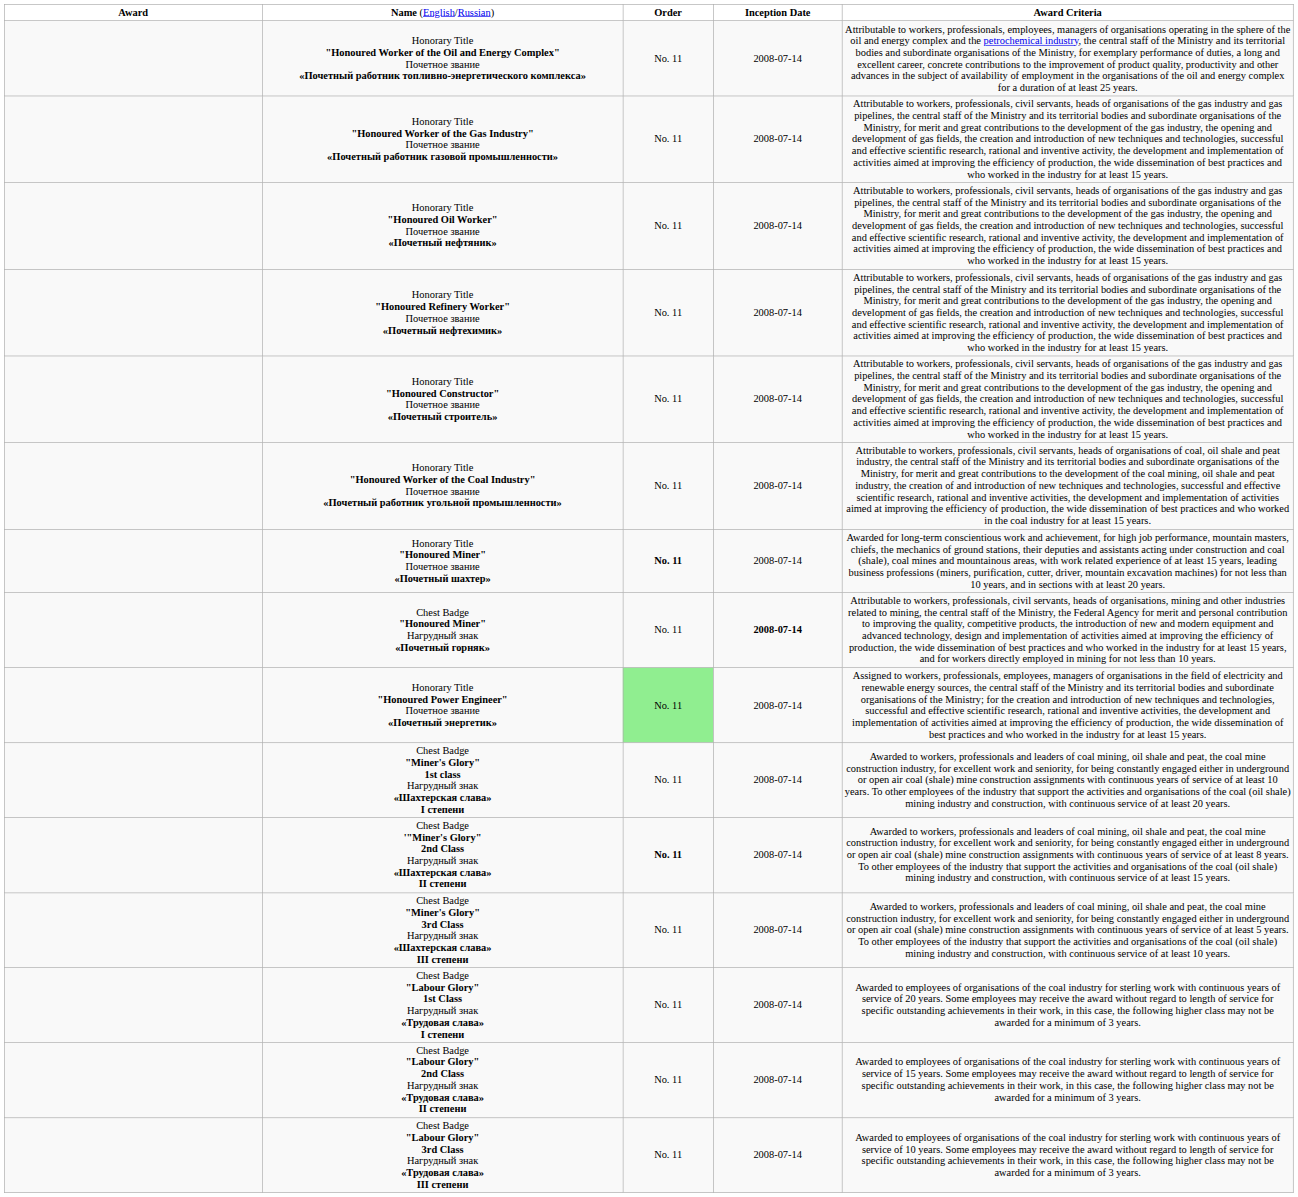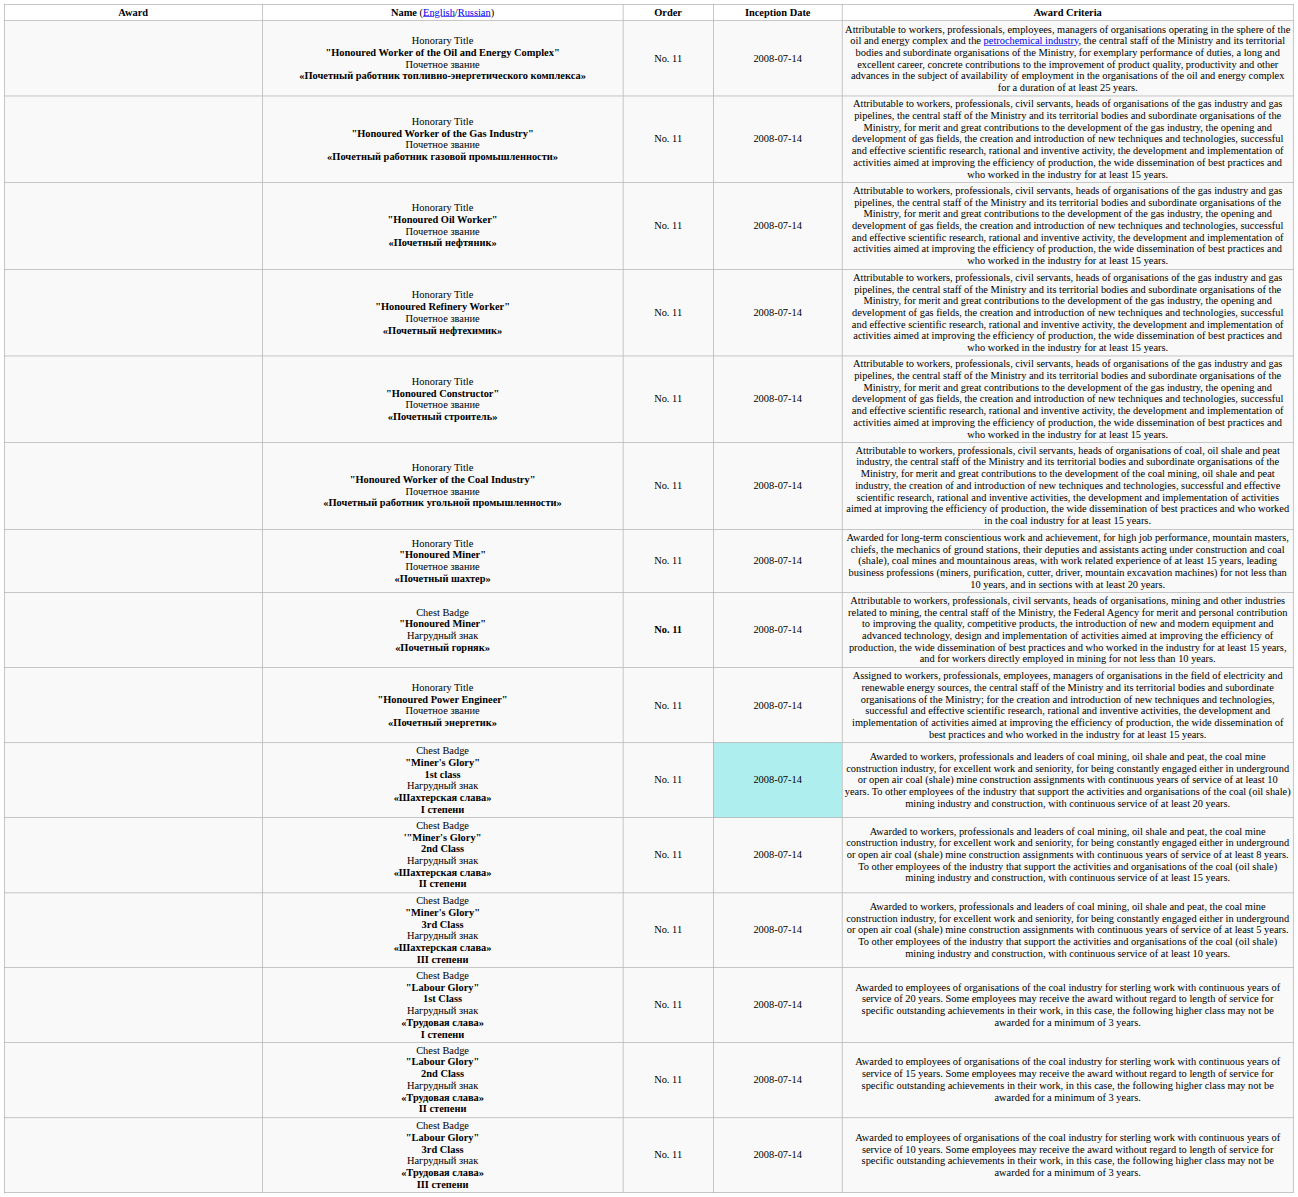 <table class="wikitable sortable" width="100%">
 <tr>
 <td width="20%" bgcolor="#FFFFFF" style="text-align:center;"><strong>Award</strong></td>
 <td width="28%" bgcolor="#FFFFFF" style="text-align:center;"><strong>Name</strong> (<a href='#'>English</a>/<a href='#'>Russian</a>)</td>
 <td width="07%" bgcolor="#FFFFFF" style="text-align:center;"><strong>Order</strong></td>
 <td width="10%" bgcolor="#FFFFFF" style="text-align:center;"><strong>Inception Date</strong></td>
 <td width="35%" bgcolor="#FFFFFF" style="text-align:center;"><strong>Award Criteria</strong></td>
 </tr>
 <tr>
 <td></td>
 <td style="text-align:center;">Honorary Title<br><strong>"Honoured Worker of the Oil and Energy Complex"</strong><br>Почетное звание<br><strong>«Почетный работник топливно-энергетического комплекса»</strong></td>
 <td style="text-align:center;">No. 11</td>
 <td style="text-align:center;">2008-07-14</td>
 <td style="text-align:center;">Attributable to workers, professionals, employees, managers of organisations operating in the sphere of the oil and energy complex and the <a href='#'>petrochemical industry</a>, the central staff of the Ministry and its territorial bodies and subordinate organisations of the Ministry, for exemplary performance of duties, a long and excellent career, concrete contributions to the improvement of product quality, productivity and other advances in the subject of availability of employment in the organisations of the oil and energy complex for a duration of at least 25 years.</td>
 </tr>
 <tr>
 <td></td>
 <td style="text-align:center;">Honorary Title<br><strong>"Honoured Worker of the Gas Industry"</strong><br>Почетное звание<br><strong>«Почетный работник газовой промышленности»</strong></td>
 <td style="text-align:center;">No. 11</td>
 <td style="text-align:center;">2008-07-14</td>
 <td style="text-align:center;">Attributable to workers, professionals, civil servants, heads of organisations of the gas industry and gas pipelines, the central staff of the Ministry and its territorial bodies and subordinate organisations of the Ministry, for merit and great contributions to the development of the gas industry, the opening and development of gas fields, the creation and introduction of new techniques and technologies, successful and effective scientific research, rational and inventive activity, the development and implementation of activities aimed at improving the efficiency of production, the wide dissemination of best practices and who worked in the industry for at least 15 years.</td>
 </tr>
 <tr>
 <td></td>
 <td style="text-align:center;">Honorary Title<br><strong>"Honoured Oil Worker"</strong><br>Почетное звание<br><strong>«Почетный нефтяник»</strong></td>
 <td style="text-align:center;">No. 11</td>
 <td style="text-align:center;">2008-07-14</td>
 <td style="text-align:center;">Attributable to workers, professionals, civil servants, heads of organisations of the gas industry and gas pipelines, the central staff of the Ministry and its territorial bodies and subordinate organisations of the Ministry, for merit and great contributions to the development of the gas industry, the opening and development of gas fields, the creation and introduction of new techniques and technologies, successful and effective scientific research, rational and inventive activity, the development and implementation of activities aimed at improving the efficiency of production, the wide dissemination of best practices and who worked in the industry for at least 15 years.</td>
 </tr>
 <tr>
 <td></td>
 <td style="text-align:center;">Honorary Title<br><strong>"Honoured Refinery Worker"</strong><br>Почетное звание<br><strong>«Почетный нефтехимик»</strong></td>
 <td style="text-align:center;">No. 11</td>
 <td style="text-align:center;">2008-07-14</td>
 <td style="text-align:center;">Attributable to workers, professionals, civil servants, heads of organisations of the gas industry and gas pipelines, the central staff of the Ministry and its territorial bodies and subordinate organisations of the Ministry, for merit and great contributions to the development of the gas industry, the opening and development of gas fields, the creation and introduction of new techniques and technologies, successful and effective scientific research, rational and inventive activity, the development and implementation of activities aimed at improving the efficiency of production, the wide dissemination of best practices and who worked in the industry for at least 15 years.</td>
 </tr>
 <tr>
 <td></td>
 <td style="text-align:center;">Honorary Title<br><strong>"Honoured Constructor"</strong><br>Почетное звание<br><strong>«Почетный строитель»</strong></td>
 <td style="text-align:center;">No. 11</td>
 <td style="text-align:center;">2008-07-14</td>
 <td style="text-align:center;">Attributable to workers, professionals, civil servants, heads of organisations of the gas industry and gas pipelines, the central staff of the Ministry and its territorial bodies and subordinate organisations of the Ministry, for merit and great contributions to the development of the gas industry, the opening and development of gas fields, the creation and introduction of new techniques and technologies, successful and effective scientific research, rational and inventive activity, the development and implementation of activities aimed at improving the efficiency of production, the wide dissemination of best practices and who worked in the industry for at least 15 years.</td>
 </tr>
 <tr>
 <td></td>
 <td style="text-align:center;">Honorary Title<br><strong>"Honoured Worker of the Coal Industry"</strong><br>Почетное звание<br><strong>«Почетный работник угольной промышленности»</strong></td>
 <td style="text-align:center;">No. 11</td>
 <td style="text-align:center;">2008-07-14</td>
 <td style="text-align:center;">Attributable to workers, professionals, civil servants, heads of organisations of coal, oil shale and peat industry, the central staff of the Ministry and its territorial bodies and subordinate organisations of the Ministry, for merit and great contributions to the development of the coal mining, oil shale and peat industry, the creation of and introduction of new techniques and technologies, successful and effective scientific research, rational and inventive activities, the development and implementation of activities aimed at improving the efficiency of production, the wide dissemination of best practices and who worked in the coal industry for at least 15 years.</td>
 </tr>
 <tr>
 <td></td>
 <td style="text-align:center;">Honorary Title<br><strong>"Honoured Miner"</strong><br>Почетное звание<br><strong>«Почетный шахтер»</strong></td>
-<td style="text-align:center;"><strong>No. 11</strong></td>
+<td style="text-align:center;">No. 11</td>
 <td style="text-align:center;">2008-07-14</td>
 <td style="text-align:center;">Awarded for long-term conscientious work and achievement, for high job performance, mountain masters, chiefs, the mechanics of ground stations, their deputies and assistants acting under construction and coal (shale), coal mines and mountainous areas, with work related experience of at least 15 years, leading business professions (miners, purification, cutter, driver, mountain excavation machines) for not less than 10 years, and in sections with at least 20 years.</td>
 </tr>
 <tr>
 <td></td>
 <td style="text-align:center;">Chest Badge<br><strong>"Honoured Miner"</strong><br>Нагрудный знак<br><strong>«Почетный горняк»</strong></td>
-<td style="text-align:center;">No. 11</td>
-<td style="text-align:center;"><strong>2008-07-14</strong></td>
+<td style="text-align:center;"><strong>No. 11</strong></td>
+<td style="text-align:center;">2008-07-14</td>
 <td style="text-align:center;">Attributable to workers, professionals, civil servants, heads of organisations, mining and other industries related to mining, the central staff of the Ministry, the Federal Agency for merit and personal contribution to improving the quality, competitive products, the introduction of new and modern equipment and advanced technology, design and implementation of activities aimed at improving the efficiency of production, the wide dissemination of best practices and who worked in the industry for at least 15 years, and for workers directly employed in mining for not less than 10 years.</td>
 </tr>
 <tr>
 <td></td>
 <td style="text-align:center;">Honorary Title<br><strong>"Honoured Power Engineer"</strong><br>Почетное звание<br><strong>«Почетный энергетик»</strong></td>
-<td style="background: lightgreen; text-align:center;">No. 11</td>
+<td style="text-align:center;">No. 11</td>
 <td style="text-align:center;">2008-07-14</td>
 <td style="text-align:center;">Assigned to workers, professionals, employees, managers of organisations in the field of electricity and renewable energy sources, the central staff of the Ministry and its territorial bodies and subordinate organisations of the Ministry; for the creation and introduction of new techniques and technologies, successful and effective scientific research, rational and inventive activities, the development and implementation of activities aimed at improving the efficiency of production, the wide dissemination of best practices and who worked in the industry for at least 15 years.</td>
 </tr>
 <tr>
 <td></td>
 <td style="text-align:center;">Chest Badge<br><strong>"Miner's Glory"<br>1st class</strong><br>Нагрудный знак<br><strong>«Шахтерская слава»<br>I степени</strong></td>
 <td style="text-align:center;">No. 11</td>
-<td style="text-align:center;">2008-07-14</td>
+<td style="background: paleturquoise; text-align:center;">2008-07-14</td>
 <td style="text-align:center;">Awarded to workers, professionals and leaders of coal mining, oil shale and peat, the coal mine construction industry, for excellent work and seniority, for being constantly engaged either in underground or open air coal (shale) mine construction assignments with continuous years of service of at least 10 years.  To other employees of the industry that support the activities and organisations of the coal (oil shale) mining industry and construction, with continuous service of at least 20 years.</td>
 </tr>
 <tr>
 <td></td>
 <td style="text-align:center;">Chest Badge<br><strong>'"Miner's Glory"<br>2nd Class</strong><br>Нагрудный знак<br><strong>«Шахтерская слава»<br>II степени</strong></td>
-<td style="text-align:center;"><strong>No. 11</strong></td>
+<td style="text-align:center;">No. 11</td>
 <td style="text-align:center;">2008-07-14</td>
 <td style="text-align:center;">Awarded to workers, professionals and leaders of coal mining, oil shale and peat, the coal mine construction industry, for excellent work and seniority, for being constantly engaged either in underground or open air coal (shale) mine construction assignments with continuous years of service of at least 8 years.  To other employees of the industry that support the activities and organisations of the coal (oil shale) mining industry and construction, with continuous service of at least 15 years.</td>
 </tr>
 <tr>
 <td></td>
 <td style="text-align:center;">Chest Badge<br><strong>"Miner's Glory"<br>3rd Class</strong><br>Нагрудный знак<br><strong>«Шахтерская слава»<br>III степени</strong></td>
 <td style="text-align:center;">No. 11</td>
 <td style="text-align:center;">2008-07-14</td>
 <td style="text-align:center;">Awarded to workers, professionals and leaders of coal mining, oil shale and peat, the coal mine construction industry, for excellent work and seniority, for being constantly engaged either in underground or open air coal (shale) mine construction assignments with continuous years of service of at least 5 years.  To other employees of the industry that support the activities and organisations of the coal (oil shale) mining industry and construction, with continuous service of at least 10 years.</td>
 </tr>
 <tr>
 <td></td>
 <td style="text-align:center;">Chest Badge<br><strong>"Labour Glory"<br>1st Class</strong><br>Нагрудный знак<br><strong>«Трудовая слава»<br>I степени</strong></td>
 <td style="text-align:center;">No. 11</td>
 <td style="text-align:center;">2008-07-14</td>
 <td style="text-align:center;">Awarded to employees of organisations of the coal industry for sterling work with continuous years of service of 20 years. Some employees may receive the award without regard to length of service for specific outstanding achievements in their work, in this case, the following higher class may not be awarded for a minimum of 3 years.</td>
 </tr>
 <tr>
 <td></td>
 <td style="text-align:center;">Chest Badge<br><strong>"Labour Glory"<br>2nd Class</strong><br>Нагрудный знак<br><strong>«Трудовая слава»<br>II степени</strong></td>
 <td style="text-align:center;">No. 11</td>
 <td style="text-align:center;">2008-07-14</td>
 <td style="text-align:center;">Awarded to employees of organisations of the coal industry for sterling work with continuous years of service of 15 years. Some employees may receive the award without regard to length of service for specific outstanding achievements in their work, in this case, the following higher class may not be awarded for a minimum of 3 years.</td>
 </tr>
 <tr>
 <td></td>
 <td style="text-align:center;">Chest Badge<br><strong>"Labour Glory"<br>3rd Class</strong><br>Нагрудный знак<br><strong>«Трудовая слава»<br>III степени</strong></td>
 <td style="text-align:center;">No. 11</td>
 <td style="text-align:center;">2008-07-14</td>
 <td style="text-align:center;">Awarded to employees of organisations of the coal industry for sterling work with continuous years of service of 10 years. Some employees may receive the award without regard to length of service for specific outstanding achievements in their work, in this case, the following higher class may not be awarded for a minimum of 3 years.</td>
 </tr>
 </table>
